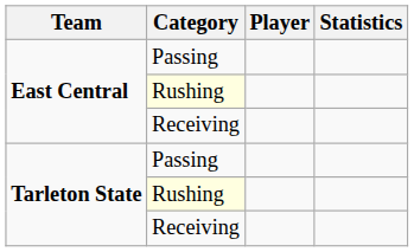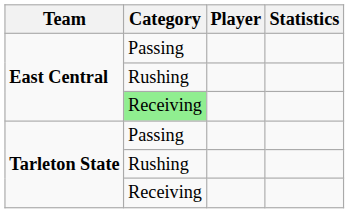 <table class="wikitable" style="float: right;">
 <tr>
 <th>Team</th>
 <th>Category</th>
 <th>Player</th>
 <th>Statistics</th>
 </tr>
 <tr>
 <td rowspan=3><strong>East Central</strong></td>
 <td>Passing</td>
 <td></td>
 <td></td>
 </tr>
 <tr>
-<td style="background: lightyellow;">Rushing</td>
+<td>Rushing</td>
 <td></td>
 <td></td>
 </tr>
 <tr>
-<td>Receiving</td>
+<td style="background: lightgreen;">Receiving</td>
 <td></td>
 <td></td>
 </tr>
 <tr>
 <td rowspan=3><strong>Tarleton State</strong></td>
 <td>Passing</td>
 <td></td>
 <td></td>
 </tr>
 <tr>
-<td style="background: lightyellow;">Rushing</td>
+<td>Rushing</td>
 <td></td>
 <td></td>
 </tr>
 <tr>
 <td>Receiving</td>
 <td></td>
 <td></td>
 </tr>
 </table>
